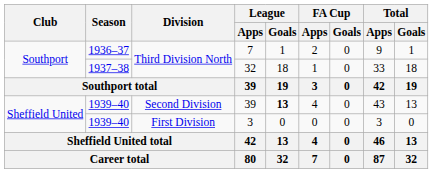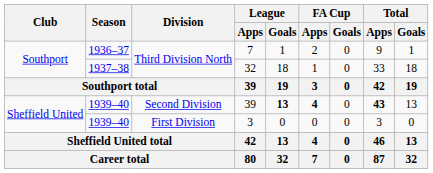 <table class="wikitable" style="text-align:center;">
 <tr>
 <th rowspan="2">Club</th>
 <th rowspan="2">Season</th>
 <th rowspan="2">Division</th>
 <th colspan="2">League</th>
 <th colspan="2">FA Cup</th>
 <th colspan="2">Total</th>
 </tr>
 <tr>
 <th>Apps</th>
 <th>Goals</th>
 <th>Apps</th>
 <th>Goals</th>
 <th>Apps</th>
 <th>Goals</th>
 </tr>
 <tr>
 <td rowspan="2"><a href='#'>Southport</a></td>
 <td><a href='#'>1936–37</a></td>
 <td rowspan="2"><a href='#'>Third Division North</a></td>
 <td>7</td>
 <td>1</td>
 <td>2</td>
 <td>0</td>
 <td>9</td>
 <td>1</td>
 </tr>
 <tr>
 <td><a href='#'>1937–38</a></td>
 <td>32</td>
 <td>18</td>
 <td>1</td>
 <td>0</td>
 <td>33</td>
 <td>18</td>
 </tr>
 <tr>
 <th colspan="3">Southport total</th>
 <th>39</th>
 <th>19</th>
 <th>3</th>
 <th>0</th>
 <th>42</th>
 <th>19</th>
 </tr>
 <tr>
 <td rowspan="2"><a href='#'>Sheffield United</a></td>
 <td><a href='#'>1939–40</a></td>
 <td><a href='#'>Second Division</a></td>
 <td>39</td>
 <td><strong>13</strong></td>
-<td>4</td>
+<td><strong>4</strong></td>
 <td>0</td>
-<td>43</td>
+<td><strong>43</strong></td>
 <td>13</td>
 </tr>
 <tr>
 <td><a href='#'>1939–40</a></td>
 <td><a href='#'>First Division</a></td>
 <td>3</td>
 <td>0</td>
 <td>0</td>
 <td>0</td>
 <td>3</td>
 <td>0</td>
 </tr>
 <tr>
 <th colspan="3">Sheffield United total</th>
 <th>42</th>
 <th>13</th>
 <th>4</th>
 <th>0</th>
 <th>46</th>
 <th>13</th>
 </tr>
 <tr>
 <th colspan="3">Career total</th>
 <th>80</th>
 <th>32</th>
 <th>7</th>
 <th>0</th>
 <th>87</th>
 <th>32</th>
 </tr>
 </table>
